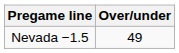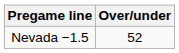 <table class="wikitable" style="margin-left: auto; margin-right: auto; border: none; display: inline-table;">
 <tr align="center">
 <th style=>Pregame line</th>
 <th style=>Over/under</th>
 </tr>
 <tr align="center">
 <td>Nevada −1.5</td>
-<td>49</td>
+<td>52</td>
 </tr>
 </table>
